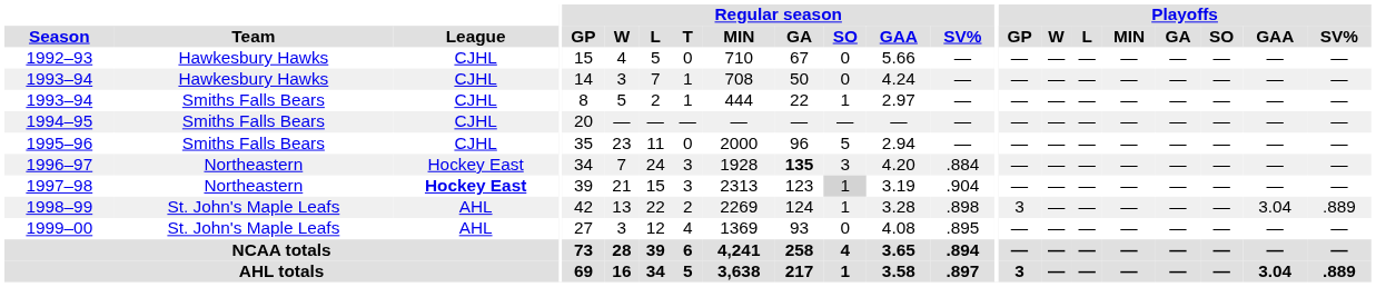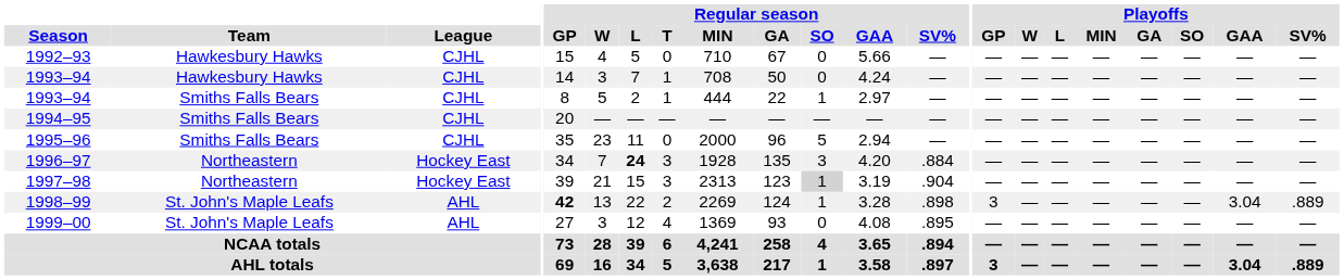 <table border="0" cellpadding="1" cellspacing="0" style="text-align:center; width:80em">
 <tr bgcolor="#e0e0e0">
 <th colspan="3" bgcolor="#ffffff"></th>
 <th rowspan="99" bgcolor="#ffffff"></th>
 <th colspan="9"><a href='#'>Regular season</a></th>
 <th rowspan="99" bgcolor="#ffffff"></th>
 <th colspan="8"><a href='#'>Playoffs</a></th>
 </tr>
 <tr bgcolor="#e0e0e0">
 <th><a href='#'>Season</a></th>
 <th>Team</th>
 <th>League</th>
 <th>GP</th>
 <th>W</th>
 <th>L</th>
 <th>T</th>
 <th>MIN</th>
 <th>GA</th>
 <th><a href='#'>SO</a></th>
 <th><a href='#'>GAA</a></th>
 <th><a href='#'>SV%</a></th>
 <th>GP</th>
 <th>W</th>
 <th>L</th>
 <th>MIN</th>
 <th>GA</th>
 <th>SO</th>
 <th>GAA</th>
 <th>SV%</th>
 </tr>
 <tr>
 <td><a href='#'>1992–93</a></td>
 <td><a href='#'>Hawkesbury Hawks</a></td>
 <td><a href='#'>CJHL</a></td>
 <td>15</td>
 <td>4</td>
 <td>5</td>
 <td>0</td>
 <td>710</td>
 <td>67</td>
 <td>0</td>
 <td>5.66</td>
 <td>—</td>
 <td>—</td>
 <td>—</td>
 <td>—</td>
 <td>—</td>
 <td>—</td>
 <td>—</td>
 <td>—</td>
 <td>—</td>
 </tr>
 <tr bgcolor="f0f0f0">
 <td><a href='#'>1993–94</a></td>
 <td><a href='#'>Hawkesbury Hawks</a></td>
 <td><a href='#'>CJHL</a></td>
 <td>14</td>
 <td>3</td>
 <td>7</td>
 <td>1</td>
 <td>708</td>
 <td>50</td>
 <td>0</td>
 <td>4.24</td>
 <td>—</td>
 <td>—</td>
 <td>—</td>
 <td>—</td>
 <td>—</td>
 <td>—</td>
 <td>—</td>
 <td>—</td>
 <td>—</td>
 </tr>
 <tr>
 <td><a href='#'>1993–94</a></td>
 <td><a href='#'>Smiths Falls Bears</a></td>
 <td><a href='#'>CJHL</a></td>
 <td>8</td>
 <td>5</td>
 <td>2</td>
 <td>1</td>
 <td>444</td>
 <td>22</td>
 <td>1</td>
 <td>2.97</td>
 <td>—</td>
 <td>—</td>
 <td>—</td>
 <td>—</td>
 <td>—</td>
 <td>—</td>
 <td>—</td>
 <td>—</td>
 <td>—</td>
 </tr>
 <tr bgcolor="f0f0f0">
 <td><a href='#'>1994–95</a></td>
 <td><a href='#'>Smiths Falls Bears</a></td>
 <td><a href='#'>CJHL</a></td>
 <td>20</td>
 <td>—</td>
 <td>—</td>
 <td>—</td>
 <td>—</td>
 <td>—</td>
 <td>—</td>
 <td>—</td>
 <td>—</td>
 <td>—</td>
 <td>—</td>
 <td>—</td>
 <td>—</td>
 <td>—</td>
 <td>—</td>
 <td>—</td>
 <td>—</td>
 </tr>
 <tr>
 <td><a href='#'>1995–96</a></td>
 <td><a href='#'>Smiths Falls Bears</a></td>
 <td><a href='#'>CJHL</a></td>
 <td>35</td>
 <td>23</td>
 <td>11</td>
 <td>0</td>
 <td>2000</td>
 <td>96</td>
 <td>5</td>
 <td>2.94</td>
 <td>—</td>
 <td>—</td>
 <td>—</td>
 <td>—</td>
 <td>—</td>
 <td>—</td>
 <td>—</td>
 <td>—</td>
 <td>—</td>
 </tr>
 <tr bgcolor="f0f0f0">
 <td><a href='#'>1996–97</a></td>
 <td><a href='#'>Northeastern</a></td>
 <td><a href='#'>Hockey East</a></td>
 <td>34</td>
 <td>7</td>
-<td>24</td>
+<td><strong>24</strong></td>
 <td>3</td>
 <td>1928</td>
-<td><strong>135</strong></td>
+<td>135</td>
 <td>3</td>
 <td>4.20</td>
 <td>.884</td>
 <td>—</td>
 <td>—</td>
 <td>—</td>
 <td>—</td>
 <td>—</td>
 <td>—</td>
 <td>—</td>
 <td>—</td>
 </tr>
 <tr>
 <td><a href='#'>1997–98</a></td>
 <td><a href='#'>Northeastern</a></td>
-<td><strong><a href='#'>Hockey East</a></strong></td>
+<td><a href='#'>Hockey East</a></td>
 <td>39</td>
 <td>21</td>
 <td>15</td>
 <td>3</td>
 <td>2313</td>
 <td>123</td>
 <td style="background: lightgrey;">1</td>
 <td>3.19</td>
 <td>.904</td>
 <td>—</td>
 <td>—</td>
 <td>—</td>
 <td>—</td>
 <td>—</td>
 <td>—</td>
 <td>—</td>
 <td>—</td>
 </tr>
 <tr bgcolor="f0f0f0">
 <td><a href='#'>1998–99</a></td>
 <td><a href='#'>St. John's Maple Leafs</a></td>
 <td><a href='#'>AHL</a></td>
-<td>42</td>
+<td><strong>42</strong></td>
 <td>13</td>
 <td>22</td>
 <td>2</td>
 <td>2269</td>
 <td>124</td>
 <td>1</td>
 <td>3.28</td>
 <td>.898</td>
 <td>3</td>
 <td>—</td>
 <td>—</td>
 <td>—</td>
 <td>—</td>
 <td>—</td>
 <td>3.04</td>
 <td>.889</td>
 </tr>
 <tr>
 <td><a href='#'>1999–00</a></td>
 <td><a href='#'>St. John's Maple Leafs</a></td>
 <td><a href='#'>AHL</a></td>
 <td>27</td>
 <td>3</td>
 <td>12</td>
 <td>4</td>
 <td>1369</td>
 <td>93</td>
 <td>0</td>
 <td>4.08</td>
 <td>.895</td>
 <td>—</td>
 <td>—</td>
 <td>—</td>
 <td>—</td>
 <td>—</td>
 <td>—</td>
 <td>—</td>
 <td>—</td>
 </tr>
 <tr bgcolor="#e0e0e0">
 <th colspan="3">NCAA totals</th>
 <th>73</th>
 <th>28</th>
 <th>39</th>
 <th>6</th>
 <th>4,241</th>
 <th>258</th>
 <th>4</th>
 <th>3.65</th>
 <th>.894</th>
 <th>—</th>
 <th>—</th>
 <th>—</th>
 <th>—</th>
 <th>—</th>
 <th>—</th>
 <th>—</th>
 <th>—</th>
 </tr>
 <tr bgcolor="#e0e0e0">
 <th colspan="3">AHL totals</th>
 <th>69</th>
 <th>16</th>
 <th>34</th>
 <th>5</th>
 <th>3,638</th>
 <th>217</th>
 <th>1</th>
 <th>3.58</th>
 <th>.897</th>
 <th>3</th>
 <th>—</th>
 <th>—</th>
 <th>—</th>
 <th>—</th>
 <th>—</th>
 <th>3.04</th>
 <th>.889</th>
 </tr>
 </table>
